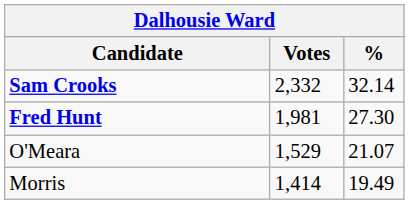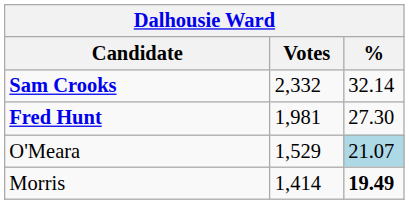 <table class="wikitable">
 <tr>
 <th colspan="3"><a href='#'>Dalhousie Ward</a></th>
 </tr>
 <tr>
 <th style="width: 200px">Candidate</th>
 <th style="width: 50px">Votes</th>
 <th style="width: 40px">%</th>
 </tr>
 <tr>
 <td><strong><a href='#'>Sam Crooks</a></strong></td>
 <td>2,332</td>
 <td>32.14</td>
 </tr>
 <tr>
 <td><strong><a href='#'>Fred Hunt</a></strong></td>
 <td>1,981</td>
 <td>27.30</td>
 </tr>
 <tr>
 <td>O'Meara</td>
 <td>1,529</td>
-<td>21.07</td>
+<td style="background: lightblue;">21.07</td>
 </tr>
 <tr>
 <td>Morris</td>
 <td>1,414</td>
-<td>19.49</td>
+<td><strong>19.49</strong></td>
 </tr>
 </table>
